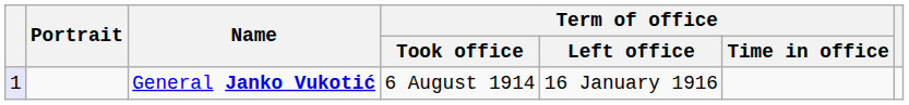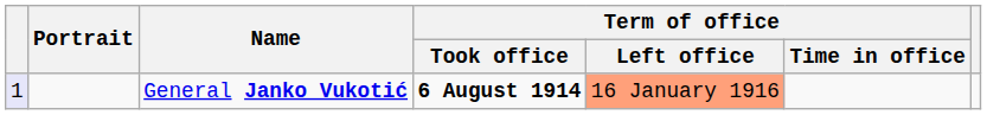 <table class="wikitable" style="text-align:center">
 <tr>
 <th rowspan=2></th>
 <th rowspan=2>Portrait</th>
 <th rowspan=2>Name<br></th>
 <th colspan=3>Term of office</th>
 <th rowspan=2></th>
 </tr>
 <tr>
 <th>Took office</th>
 <th>Left office</th>
 <th>Time in office</th>
 </tr>
 <tr>
 <td style="background: lavender;">1</td>
 <td></td>
 <td><a href='#'>General</a><strong> <a href='#'>Janko Vukotić</a></strong> <br></td>
-<td>6 August 1914</td>
-<td>16 January 1916</td>
+<td><strong>6 August 1914</strong></td>
+<td style="background: lightsalmon;">16 January 1916</td>
 <td></td>
 <td></td>
 </tr>
 </table>
